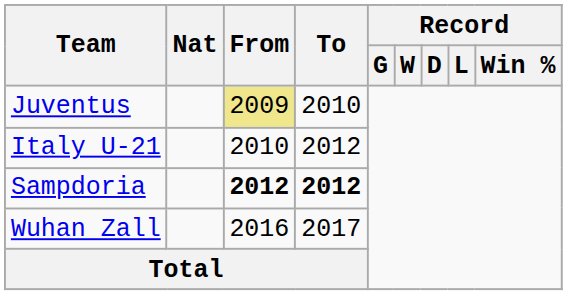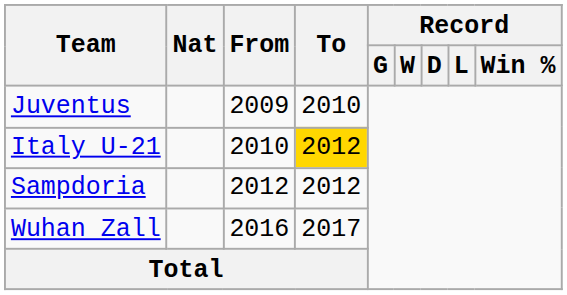 <table class="wikitable" style="text-align:center">
 <tr>
 <th rowspan="2">Team</th>
 <th rowspan="2">Nat</th>
 <th rowspan="2">From</th>
 <th rowspan="2">To</th>
 <th colspan="5">Record</th>
 </tr>
 <tr>
 <th>G</th>
 <th>W</th>
 <th>D</th>
 <th>L</th>
 <th>Win %</th>
 </tr>
 <tr>
 <td align=left><a href='#'>Juventus</a></td>
 <td align=left></td>
-<td align=left style="background: khaki;">2009</td>
+<td align=left>2009</td>
 <td align=left>2010<br></td>
 </tr>
 <tr>
 <td align=left><a href='#'>Italy U-21</a></td>
 <td align=left></td>
 <td align=left>2010</td>
-<td align=left>2012<br></td>
+<td align=left style="background: gold;">2012<br></td>
 </tr>
 <tr>
 <td align=left><a href='#'>Sampdoria</a></td>
 <td align=left></td>
-<td align=left><strong>2012</strong></td>
-<td align=left><strong>2012<br></strong></td>
+<td align=left>2012</td>
+<td align=left>2012<br></td>
 </tr>
 <tr>
 <td align=left><a href='#'>Wuhan Zall</a></td>
 <td align=left></td>
 <td align=left>2016</td>
 <td align=left>2017<br></td>
 </tr>
 <tr>
 <th colspan="4" align="center" valign=middle>Total<br></th>
 </tr>
 </table>
